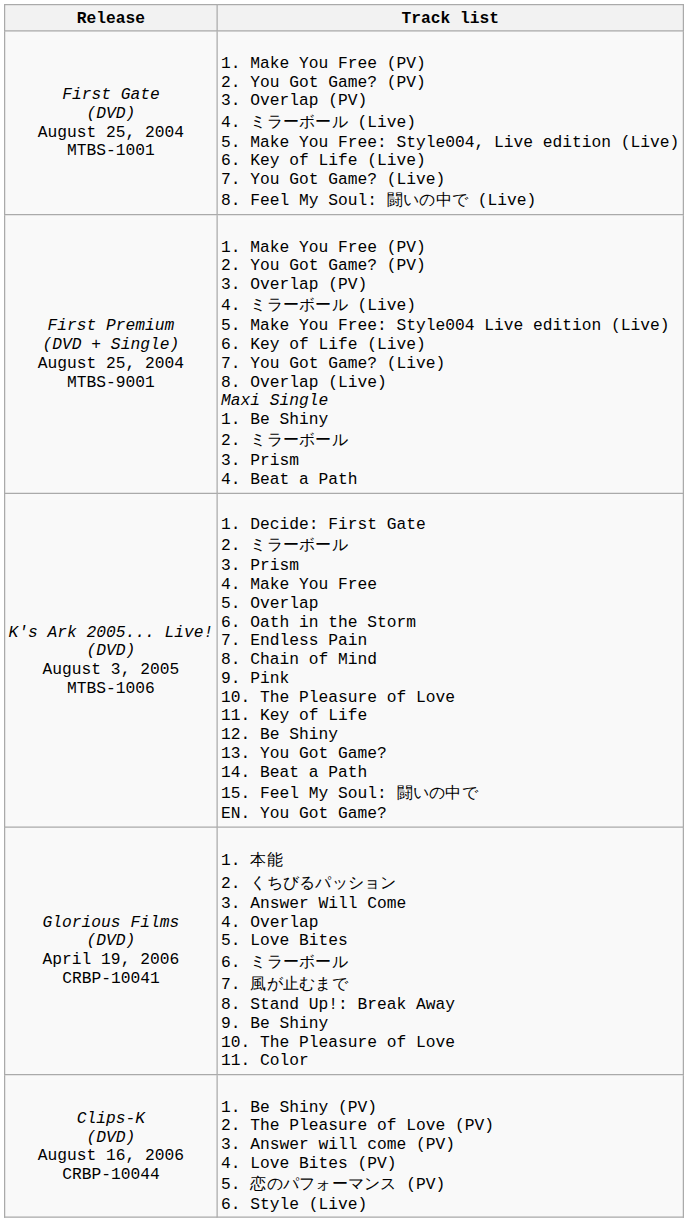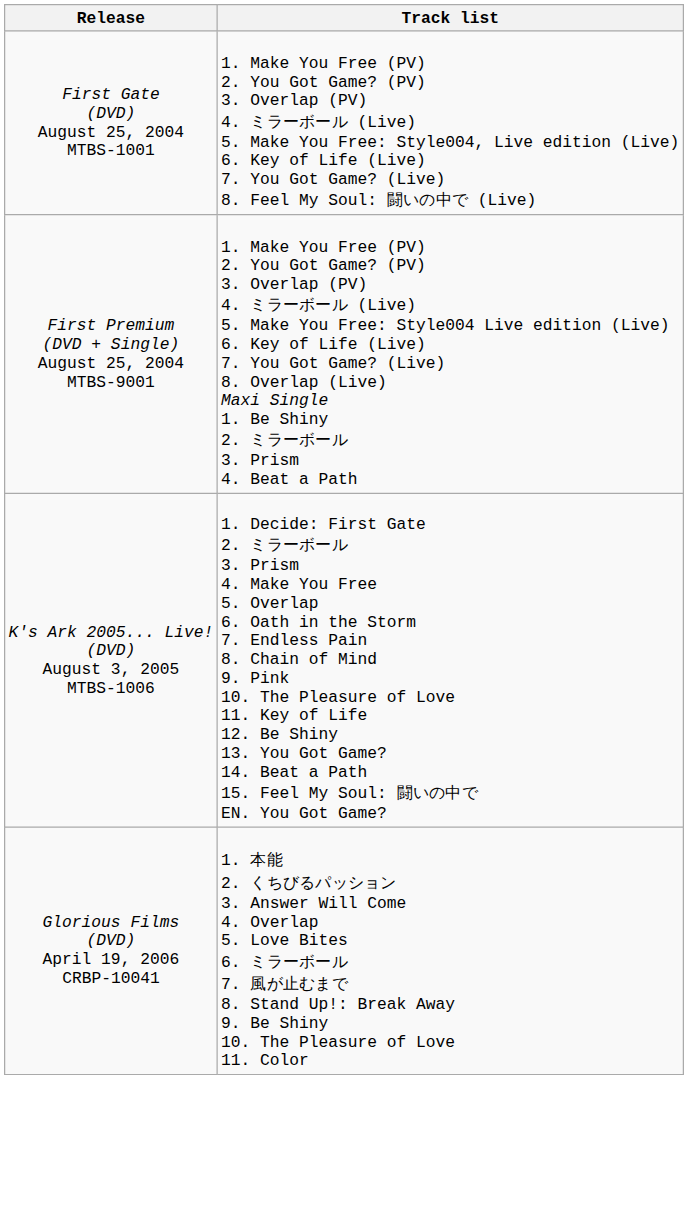 <table class="wikitable">
 <tr>
 <th>Release</th>
 <th>Track list</th>
 </tr>
 <tr>
 <td align="center"><em>First Gate</em><br><em>(DVD)</em><br> August 25, 2004<br> MTBS-1001</td>
 <td align="left"><br>1. Make You Free (PV) <br> 2. You Got Game? (PV) <br> 3. Overlap (PV) <br> 4. ミラーボール (Live) <br> 5. Make You Free: Style004, Live edition (Live) <br> 6. Key of Life (Live) <br> 7. You Got Game? (Live) <br> 8. Feel My Soul: 闘いの中で (Live)</td>
 </tr>
 <tr>
 <td align="center"><em>First Premium</em><br><em>(DVD + Single)</em><br> August 25, 2004<br> MTBS-9001</td>
 <td align="left"><br>1. Make You Free (PV) <br> 2. You Got Game? (PV) <br> 3. Overlap (PV) <br> 4. ミラーボール (Live) <br> 5. Make You Free: Style004 Live edition (Live) <br> 6. Key of Life (Live) <br> 7. You Got Game? (Live) <br> 8. Overlap (Live) <br> <em>Maxi Single</em> <br> 1. Be Shiny <br> 2. ミラーボール <br> 3. Prism <br> 4. Beat a Path</td>
 </tr>
 <tr>
 <td align="center"><em>K's Ark 2005... Live!</em><br><em>(DVD)</em><br> August 3, 2005<br> MTBS-1006</td>
 <td align="left"><br>1. Decide: First Gate <br> 2. ミラーボール <br> 3. Prism <br> 4. Make You Free <br> 5. Overlap <br> 6. Oath in the Storm <br> 7. Endless Pain <br> 8. Chain of Mind <br> 9. Pink <br> 10. The Pleasure of Love <br> 11. Key of Life <br> 12. Be Shiny <br> 13. You Got Game? <br> 14. Beat a Path <br> 15. Feel My Soul: 闘いの中で <br> EN. You Got Game?</td>
 </tr>
 <tr>
 <td align="center"><em>Glorious Films</em><br><em>(DVD)</em><br> April 19, 2006<br> CRBP-10041</td>
 <td align="left"><br>1. 本能<br> 2. くちびるパッション<br> 3. Answer Will Come<br> 4. Overlap<br> 5. Love Bites<br> 6. ミラーボール<br> 7. 風が止むまで<br> 8. Stand Up!: Break Away<br> 9. Be Shiny<br> 10. The Pleasure of Love<br> 11. Color</td>
 </tr>
-<tr>
-<td align="center"><em>Clips-K</em><br><em>(DVD)</em><br> August 16, 2006<br> CRBP-10044</td>
-<td align="left"><br>1. Be Shiny (PV)<br> 2. The Pleasure of Love (PV)<br> 3. Answer will come (PV)<br> 4. Love Bites (PV)<br> 5. 恋のパフォーマンス (PV)<br> 6. Style (Live)</td>
-</tr>
 </table>
